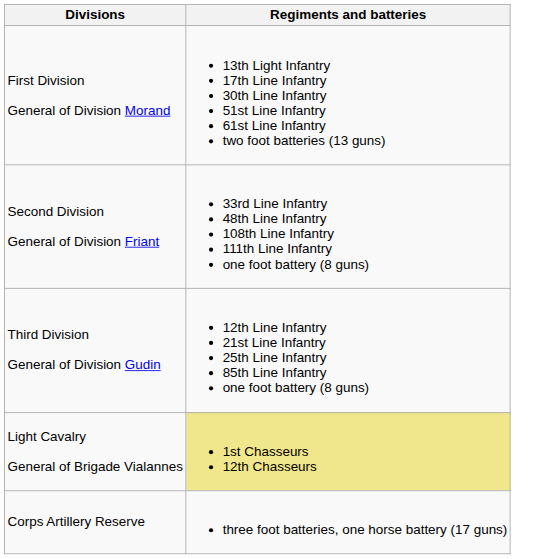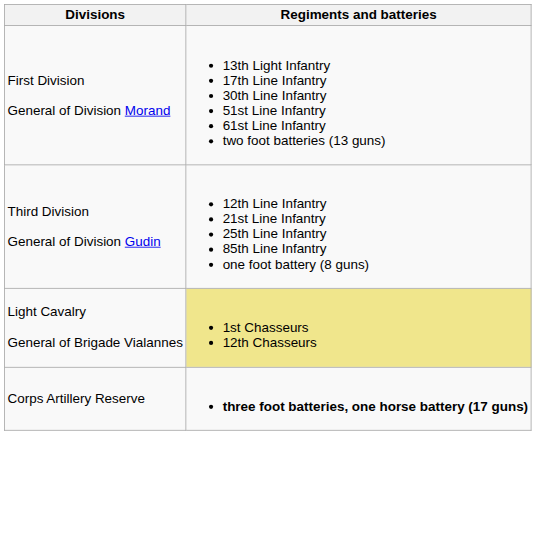 <table class="wikitable">
 <tr>
 <th><strong>Divisions</strong></th>
 <th><strong>Regiments and batteries</strong></th>
 </tr>
 <tr>
 <td>First Division<br><br> General of Division <a href='#'>Morand</a></td>
 <td><br><ul><li>13th Light Infantry</li><li>17th Line Infantry</li><li>30th Line Infantry</li><li>51st Line Infantry</li><li>61st Line Infantry</li><li>two foot batteries (13 guns)</li></ul></td>
-</tr>
-<tr>
-<td>Second Division<br><br> General of Division <a href='#'>Friant</a></td>
-<td><br><ul><li>33rd Line Infantry</li><li>48th Line Infantry</li><li>108th Line Infantry</li><li>111th Line Infantry</li><li>one foot battery (8 guns)</li></ul></td>
 </tr>
 <tr>
 <td>Third Division<br><br> General of Division <a href='#'>Gudin</a></td>
 <td><br><ul><li>12th Line Infantry</li><li>21st Line Infantry</li><li>25th Line Infantry</li><li>85th Line Infantry</li><li>one foot battery (8 guns)</li></ul></td>
 </tr>
 <tr>
 <td>Light Cavalry<br><br> General of Brigade Vialannes</td>
 <td style="background: khaki;"><br><ul><li>1st Chasseurs</li><li>12th Chasseurs</li></ul></td>
 </tr>
 <tr>
 <td>Corps Artillery Reserve</td>
-<td><br><ul><li>three foot batteries, one horse battery (17 guns)</li></ul></td>
+<td><strong><br><ul><li>three foot batteries, one horse battery (17 guns)</li></ul></strong></td>
 </tr>
 </table>
